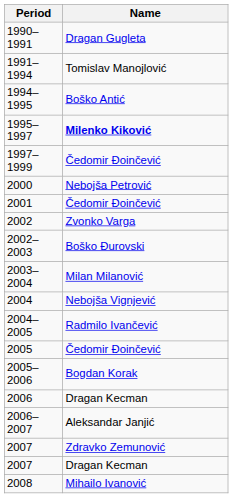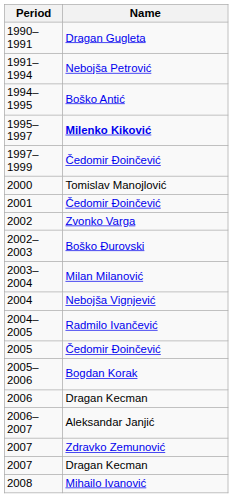 <table class="wikitable">
 <tr>
 <th width="75">Period</th>
 <th width="225">Name</th>
 </tr>
 <tr>
 <td>1990–1991</td>
 <td> <a href='#'>Dragan Gugleta</a></td>
 </tr>
 <tr>
 <td>1991–1994</td>
-<td> Tomislav Manojlović</td>
+<td> <a href='#'>Nebojša Petrović</a></td>
 </tr>
 <tr>
 <td>1994–1995</td>
 <td> <a href='#'>Boško Antić</a></td>
 </tr>
 <tr>
 <td>1995–1997</td>
 <td><strong> <a href='#'>Milenko Kiković</a></strong></td>
 </tr>
 <tr>
 <td>1997–1999</td>
 <td> <a href='#'>Čedomir Đoinčević</a></td>
 </tr>
 <tr>
 <td>2000</td>
-<td> <a href='#'>Nebojša Petrović</a></td>
+<td> Tomislav Manojlović</td>
 </tr>
 <tr>
 <td>2001</td>
 <td> <a href='#'>Čedomir Đoinčević</a></td>
 </tr>
 <tr>
 <td>2002</td>
 <td> <a href='#'>Zvonko Varga</a></td>
 </tr>
 <tr>
 <td>2002–2003</td>
 <td> <a href='#'>Boško Đurovski</a></td>
 </tr>
 <tr>
 <td>2003–2004</td>
 <td> <a href='#'>Milan Milanović</a></td>
 </tr>
 <tr>
 <td>2004</td>
 <td> <a href='#'>Nebojša Vignjević</a></td>
 </tr>
 <tr>
 <td>2004–2005</td>
 <td> <a href='#'>Radmilo Ivančević</a></td>
 </tr>
 <tr>
 <td>2005</td>
 <td> <a href='#'>Čedomir Đoinčević</a></td>
 </tr>
 <tr>
 <td>2005–2006</td>
 <td> <a href='#'>Bogdan Korak</a></td>
 </tr>
 <tr>
 <td>2006</td>
 <td> Dragan Kecman</td>
 </tr>
 <tr>
 <td>2006–2007</td>
 <td> Aleksandar Janjić</td>
 </tr>
 <tr>
 <td>2007</td>
 <td> <a href='#'>Zdravko Zemunović</a></td>
 </tr>
 <tr>
 <td>2007</td>
 <td> Dragan Kecman</td>
 </tr>
 <tr>
 <td>2008</td>
 <td> <a href='#'>Mihailo Ivanović</a></td>
 </tr>
 </table>
